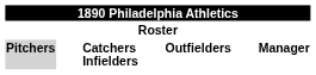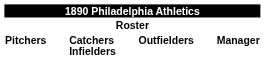 <table class="toccolours" style="font-size: 95%;">
 <tr>
 <th colspan="10" style="background-color: black; color: white; text-align: center;">1890 Philadelphia Athletics</th>
 </tr>
 <tr>
 <td colspan="10" style="background-color: white; color: black; text-align: center;"><strong>Roster</strong></td>
 </tr>
 <tr>
-<td valign="top" style="background: lightgrey;"><strong>Pitchers</strong><br>            </td>
+<td valign="top"><strong>Pitchers</strong><br>            </td>
 <td width="25px"></td>
 <td valign="top"><strong>Catchers</strong><br>     <strong>Infielders</strong>              </td>
 <td width="25px"></td>
 <td valign="top"><strong>Outfielders</strong><br>           </td>
 <td width="25px"></td>
 <td valign="top"><strong>Manager</strong><br></td>
 </tr>
 </table>
